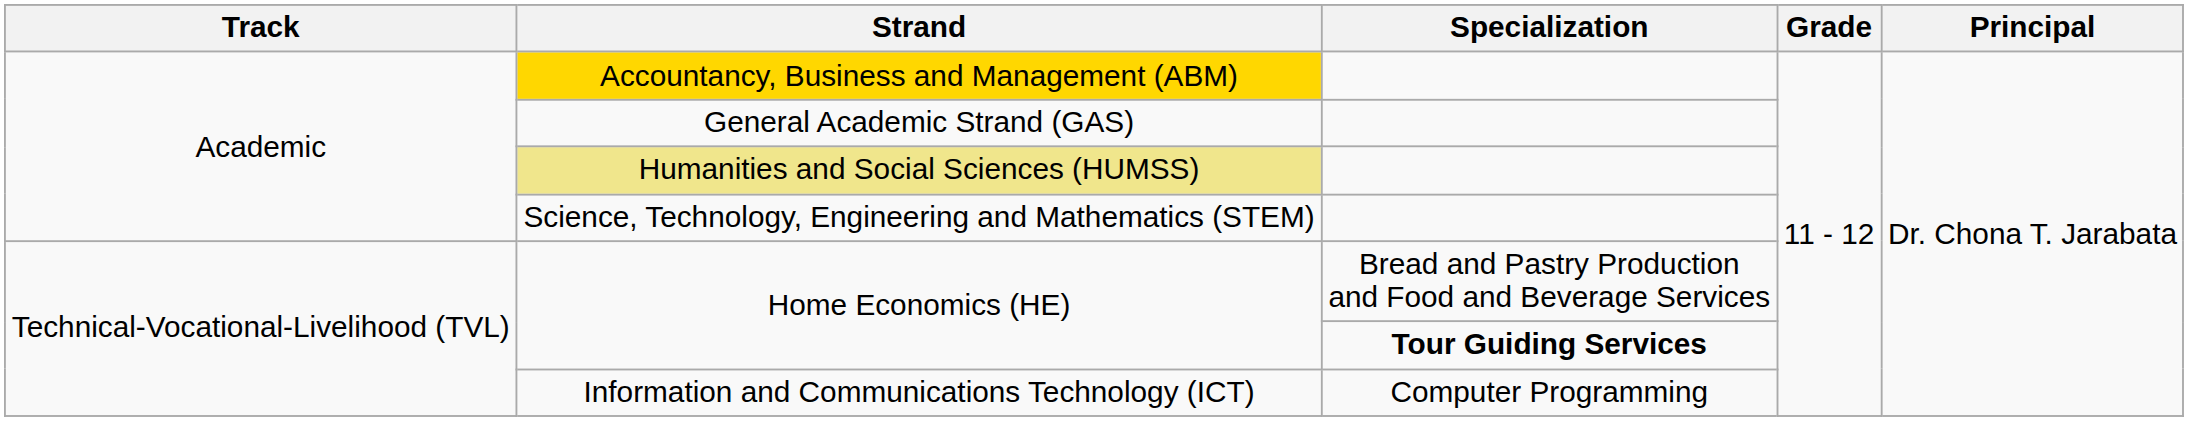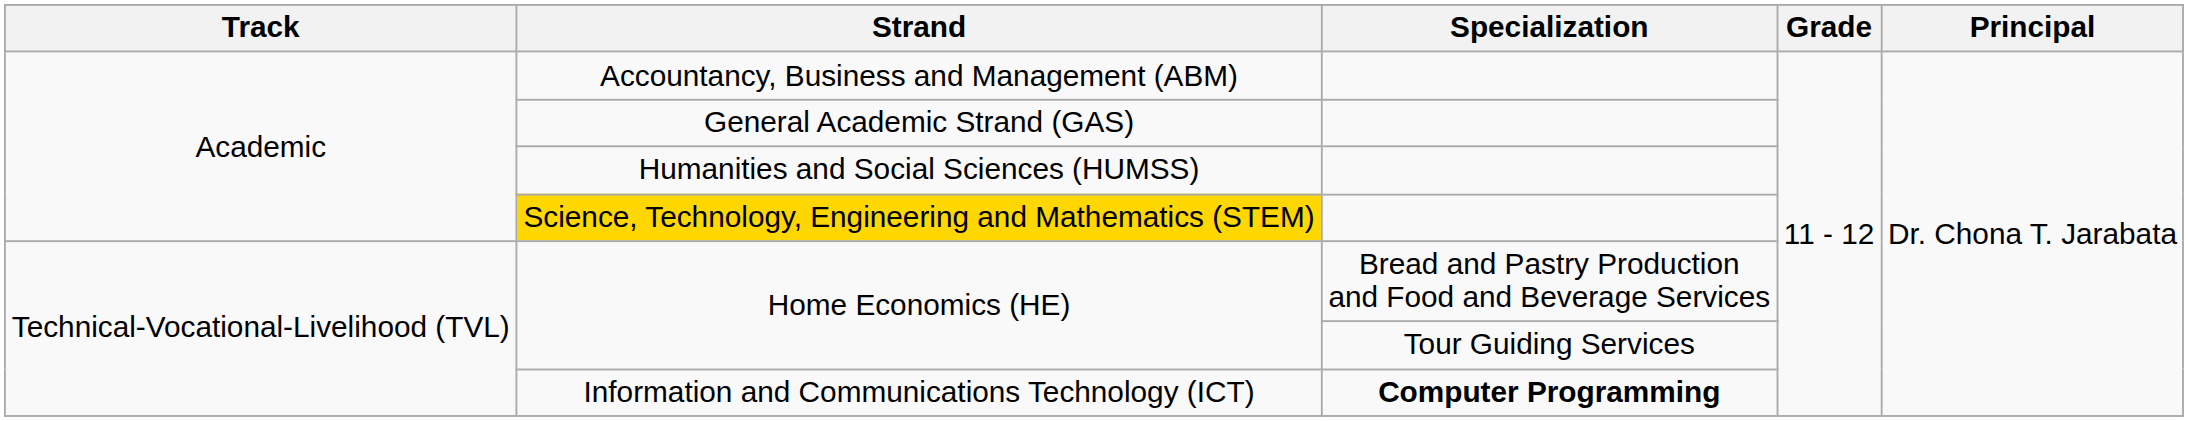 <table class="wikitable" style="text-align: center;">
 <tr>
 <th>Track</th>
 <th>Strand</th>
 <th>Specialization</th>
 <th>Grade</th>
 <th>Principal</th>
 </tr>
 <tr>
 <td rowspan=4>Academic</td>
-<td style="background: gold;">Accountancy, Business and Management (ABM)</td>
+<td>Accountancy, Business and Management (ABM)</td>
 <td></td>
 <td rowspan=7>11 - 12</td>
 <td rowspan=7>Dr. Chona T. Jarabata </td>
 </tr>
 <tr>
 <td>General Academic Strand (GAS)</td>
 <td></td>
 </tr>
 <tr>
-<td style="background: khaki;">Humanities and Social Sciences (HUMSS)</td>
+<td>Humanities and Social Sciences (HUMSS)</td>
 <td></td>
 </tr>
 <tr>
-<td>Science, Technology, Engineering and Mathematics (STEM)</td>
+<td style="background: gold;">Science, Technology, Engineering and Mathematics (STEM)</td>
 <td></td>
 </tr>
 <tr>
 <td rowspan=3>Technical-Vocational-Livelihood (TVL)</td>
 <td rowspan=2>Home Economics (HE)</td>
 <td>Bread and Pastry Production<br>and Food and Beverage Services</td>
 </tr>
 <tr>
-<td><strong>Tour Guiding Services</strong></td>
+<td>Tour Guiding Services</td>
 </tr>
 <tr>
 <td>Information and Communications Technology (ICT)</td>
-<td>Computer Programming</td>
+<td><strong>Computer Programming</strong></td>
 </tr>
 </table>
